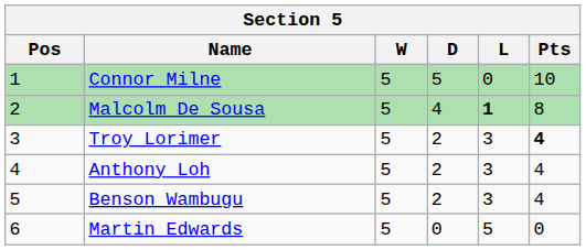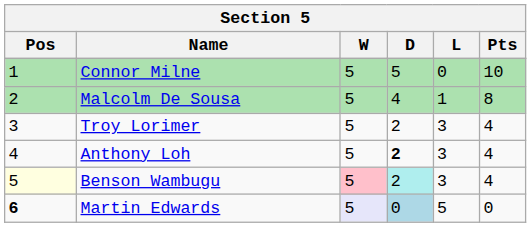 <table class="wikitable">
 <tr>
 <th colspan="6">Section 5</th>
 </tr>
 <tr>
 <th width=50>Pos</th>
 <th width=200>Name</th>
 <th width=30>W</th>
 <th width=30>D</th>
 <th width=30>L</th>
 <th width=30>Pts</th>
 </tr>
 <tr>
 </tr>
 <tr style="background:#ACE1AF;">
 <td>1</td>
 <td> <a href='#'>Connor Milne</a></td>
 <td>5</td>
 <td>5</td>
 <td>0</td>
 <td>10</td>
 </tr>
 <tr style="background:#ACE1AF;">
 <td>2</td>
 <td> <a href='#'>Malcolm De Sousa</a></td>
 <td>5</td>
 <td>4</td>
-<td><strong>1</strong></td>
+<td>1</td>
 <td>8</td>
 </tr>
 <tr>
 <td>3</td>
 <td> <a href='#'>Troy Lorimer</a></td>
 <td>5</td>
 <td>2</td>
 <td>3</td>
-<td><strong>4</strong></td>
+<td>4</td>
 </tr>
 <tr>
 <td>4</td>
 <td> <a href='#'>Anthony Loh</a></td>
 <td>5</td>
-<td>2</td>
+<td><strong>2</strong></td>
 <td>3</td>
 <td>4</td>
 </tr>
 <tr>
-<td>5</td>
+<td style="background: lightyellow;">5</td>
 <td> <a href='#'>Benson Wambugu</a></td>
-<td>5</td>
-<td>2</td>
+<td style="background: pink;">5</td>
+<td style="background: paleturquoise;">2</td>
 <td>3</td>
 <td>4</td>
 </tr>
 <tr>
-<td>6</td>
+<td><strong>6</strong></td>
 <td> <a href='#'>Martin Edwards</a></td>
-<td>5</td>
-<td>0</td>
+<td style="background: lavender;">5</td>
+<td style="background: lightblue;">0</td>
 <td>5</td>
 <td>0</td>
 </tr>
 </table>
